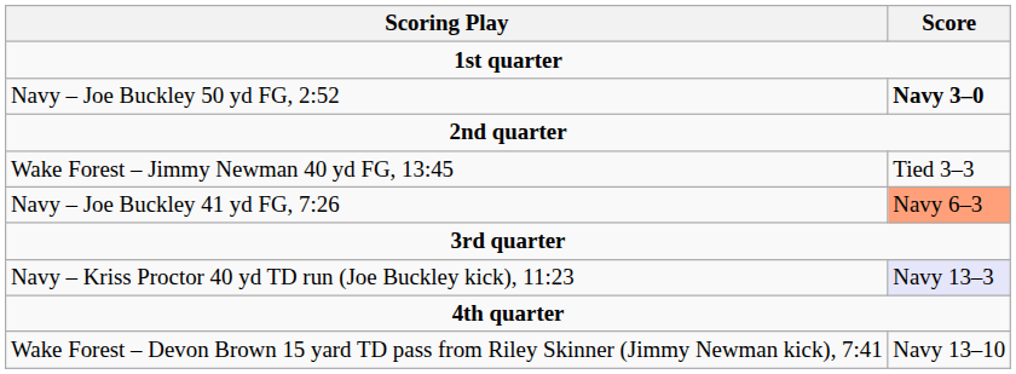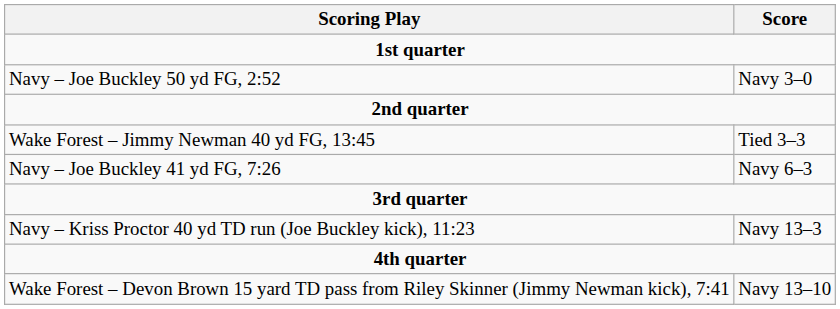 <table class="wikitable">
 <tr>
 <th>Scoring Play</th>
 <th>Score</th>
 </tr>
 <tr>
 <td colspan="4" align="center"><strong>1st quarter</strong></td>
 </tr>
 <tr>
 <td>Navy – Joe Buckley 50 yd FG, 2:52</td>
-<td><strong>Navy 3–0</strong></td>
+<td>Navy 3–0</td>
 </tr>
 <tr>
 <td colspan="4" align="center"><strong>2nd quarter</strong></td>
 </tr>
 <tr>
 <td>Wake Forest – Jimmy Newman 40 yd FG, 13:45</td>
 <td>Tied 3–3</td>
 </tr>
 <tr>
 <td>Navy – Joe Buckley 41 yd FG, 7:26</td>
-<td style="background: lightsalmon;">Navy 6–3</td>
+<td>Navy 6–3</td>
 </tr>
 <tr>
 <td colspan="6" align="center"><strong>3rd quarter</strong></td>
 </tr>
 <tr>
 <td>Navy – Kriss Proctor 40 yd TD run (Joe Buckley kick), 11:23</td>
-<td style="background: lavender;">Navy 13–3</td>
+<td>Navy 13–3</td>
 </tr>
 <tr>
 <td colspan="6" align="center"><strong>4th quarter</strong></td>
 </tr>
 <tr>
 <td>Wake Forest – Devon Brown 15 yard TD pass from Riley Skinner (Jimmy Newman kick), 7:41</td>
 <td>Navy 13–10</td>
 </tr>
 </table>
